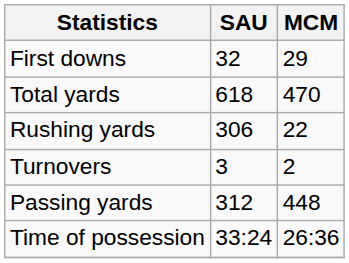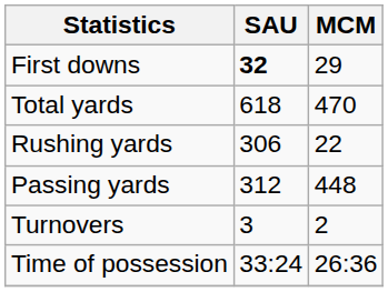 <table class="wikitable">
 <tr>
 <th>Statistics</th>
 <th>SAU</th>
 <th>MCM</th>
 </tr>
 <tr>
 <td>First downs</td>
-<td>32</td>
+<td><strong>32</strong></td>
 <td>29</td>
 </tr>
 <tr>
 <td>Total yards</td>
 <td>618</td>
 <td>470</td>
 </tr>
 <tr>
 <td>Rushing yards</td>
 <td>306</td>
 <td>22</td>
 </tr>
 <tr>
+<td>Passing yards</td>
+<td>312</td>
+<td>448</td>
+</tr>
+<tr>
 <td>Turnovers</td>
 <td>3</td>
 <td>2</td>
-</tr>
-<tr>
-<td>Passing yards</td>
-<td>312</td>
-<td>448</td>
 </tr>
 <tr>
 <td>Time of possession</td>
 <td>33:24</td>
 <td>26:36</td>
 </tr>
 <tr>
 </tr>
 </table>
